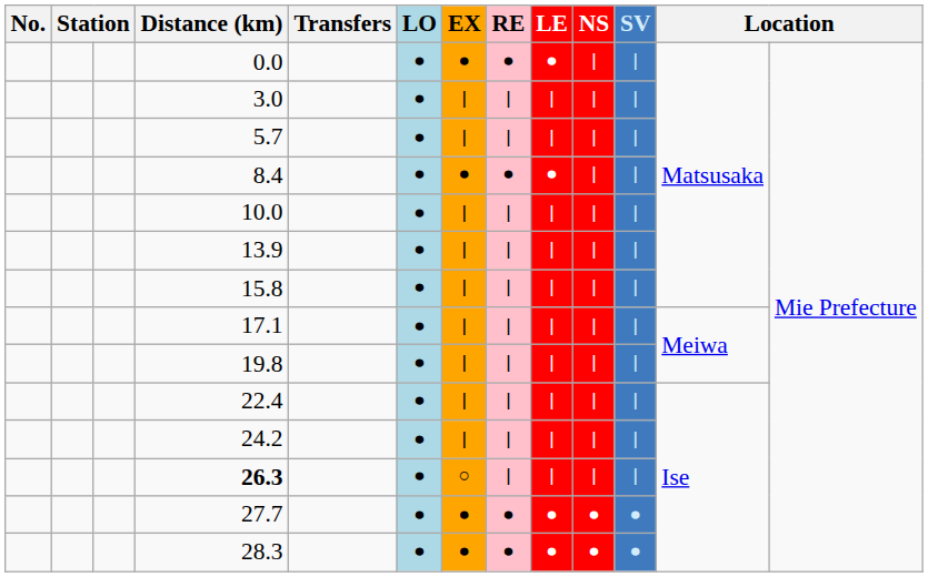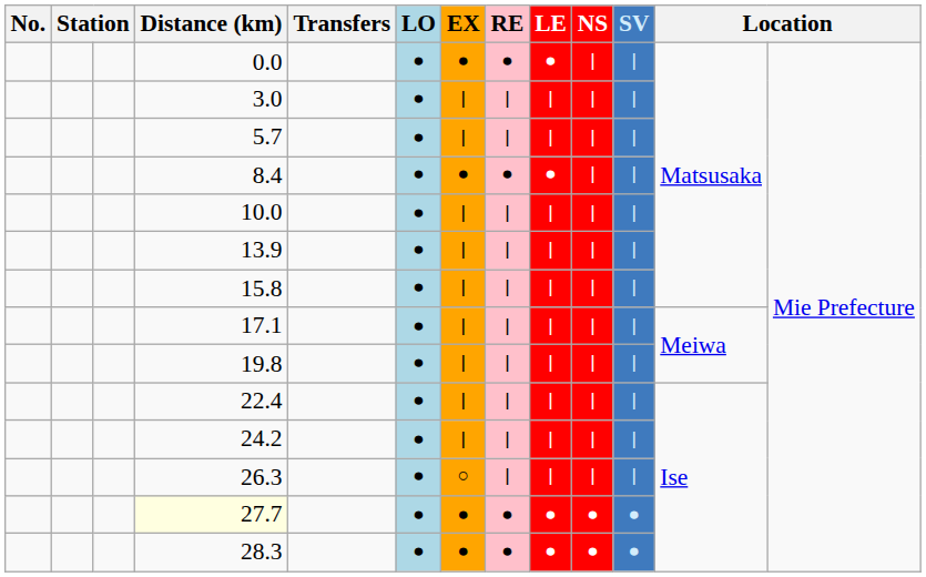 <table class=wikitable>
 <tr>
 <th>No.</th>
 <th colspan="2">Station</th>
 <th>Distance (km)</th>
 <th>Transfers</th>
 <th style="background:lightblue; color:black;">LO</th>
 <th style="background:orange; color:black;">EX</th>
 <th style="background:pink; color:black;">RE</th>
 <th style="background:red; color:white;">LE</th>
 <th style="background:red; color:white;">NS</th>
 <th style="background:#3f7abe; color: #d2ecfb;">SV</th>
 <th colspan="2">Location</th>
 </tr>
 <tr>
 <td></td>
 <td></td>
 <td></td>
 <td style="text-align:right;">0.0</td>
 <td></td>
 <td style="text-align:center; font-family:monospace; background:lightblue; color:black;">●</td>
 <td style="text-align:center; font-family:monospace; background:orange; color:black;">●</td>
 <td style="text-align:center; font-family:monospace; background:pink; color:black;">●</td>
 <td style="text-align:center; font-family:monospace; background:red; color:white;">●</td>
 <td style="text-align:center; font-family:monospace; background:red; color:white;">|</td>
 <td style="text-align:center; font-family:monospace; background:#3f7abe; color: #d2ecfb;">|</td>
 <td rowspan="7"><a href='#'>Matsusaka</a></td>
 <td rowspan="14"><a href='#'>Mie Prefecture</a></td>
 </tr>
 <tr>
 <td></td>
 <td></td>
 <td></td>
 <td style="text-align:right;">3.0</td>
 <td></td>
 <td style="text-align:center; font-family:monospace; background:lightblue; color:black;">●</td>
 <td style="text-align:center; font-family:monospace; background:orange; color:black;">|</td>
 <td style="text-align:center; font-family:monospace; background:pink; color:black;">|</td>
 <td style="text-align:center; font-family:monospace; background:red; color:white;">|</td>
 <td style="text-align:center; font-family:monospace; background:red; color:white;">|</td>
 <td style="text-align:center; font-family:monospace; background:#3f7abe; color: #d2ecfb;">|</td>
 </tr>
 <tr>
 <td></td>
 <td></td>
 <td></td>
 <td style="text-align:right;">5.7</td>
 <td></td>
 <td style="text-align:center; font-family:monospace; background:lightblue; color:black;">●</td>
 <td style="text-align:center; font-family:monospace; background:orange; color:black;">|</td>
 <td style="text-align:center; font-family:monospace; background:pink; color:black;">|</td>
 <td style="text-align:center; font-family:monospace; background:red; color:white;">|</td>
 <td style="text-align:center; font-family:monospace; background:red; color:white;">|</td>
 <td style="text-align:center; font-family:monospace; background:#3f7abe; color: #d2ecfb;">|</td>
 </tr>
 <tr>
 <td></td>
 <td></td>
 <td></td>
 <td style="text-align:right;">8.4</td>
 <td></td>
 <td style="text-align:center; font-family:monospace; background:lightblue; color:black;">●</td>
 <td style="text-align:center; font-family:monospace; background:orange; color:black;">●</td>
 <td style="text-align:center; font-family:monospace; background:pink; color:black;">●</td>
 <td style="text-align:center; font-family:monospace; background:red; color:white;">●</td>
 <td style="text-align:center; font-family:monospace; background:red; color:white;">|</td>
 <td style="text-align:center; font-family:monospace; background:#3f7abe; color: #d2ecfb;">|</td>
 </tr>
 <tr>
 <td></td>
 <td></td>
 <td></td>
 <td style="text-align:right;">10.0</td>
 <td></td>
 <td style="text-align:center; font-family:monospace; background:lightblue; color:black;">●</td>
 <td style="text-align:center; font-family:monospace; background:orange; color:black;">|</td>
 <td style="text-align:center; font-family:monospace; background:pink; color:black;">|</td>
 <td style="text-align:center; font-family:monospace; background:red; color:white;">|</td>
 <td style="text-align:center; font-family:monospace; background:red; color:white;">|</td>
 <td style="text-align:center; font-family:monospace; background:#3f7abe; color: #d2ecfb;">|</td>
 </tr>
 <tr>
 <td></td>
 <td></td>
 <td></td>
 <td style="text-align:right;">13.9</td>
 <td></td>
 <td style="text-align:center; font-family:monospace; background:lightblue; color:black;">●</td>
 <td style="text-align:center; font-family:monospace; background:orange; color:black;">|</td>
 <td style="text-align:center; font-family:monospace; background:pink; color:black;">|</td>
 <td style="text-align:center; font-family:monospace; background:red; color:white;">|</td>
 <td style="text-align:center; font-family:monospace; background:red; color:white;">|</td>
 <td style="text-align:center; font-family:monospace; background:#3f7abe; color: #d2ecfb;">|</td>
 </tr>
 <tr>
 <td></td>
 <td></td>
 <td></td>
 <td style="text-align:right;">15.8</td>
 <td></td>
 <td style="text-align:center; font-family:monospace; background:lightblue; color:black;">●</td>
 <td style="text-align:center; font-family:monospace; background:orange; color:black;">|</td>
 <td style="text-align:center; font-family:monospace; background:pink; color:black;">|</td>
 <td style="text-align:center; font-family:monospace; background:red; color:white;">|</td>
 <td style="text-align:center; font-family:monospace; background:red; color:white;">|</td>
 <td style="text-align:center; font-family:monospace; background:#3f7abe; color: #d2ecfb;">|</td>
 </tr>
 <tr>
 <td></td>
 <td></td>
 <td></td>
 <td style="text-align:right;">17.1</td>
 <td></td>
 <td style="text-align:center; font-family:monospace; background:lightblue; color:black;">●</td>
 <td style="text-align:center; font-family:monospace; background:orange; color:black;">|</td>
 <td style="text-align:center; font-family:monospace; background:pink; color:black;">|</td>
 <td style="text-align:center; font-family:monospace; background:red; color:white;">|</td>
 <td style="text-align:center; font-family:monospace; background:red; color:white;">|</td>
 <td style="text-align:center; font-family:monospace; background:#3f7abe; color: #d2ecfb;">|</td>
 <td rowspan="2"><a href='#'>Meiwa</a></td>
 </tr>
 <tr>
 <td></td>
 <td></td>
 <td></td>
 <td style="text-align:right;">19.8</td>
 <td></td>
 <td style="text-align:center; font-family:monospace; background:lightblue; color:black;">●</td>
 <td style="text-align:center; font-family:monospace; background:orange; color:black;">|</td>
 <td style="text-align:center; font-family:monospace; background:pink; color:black;">|</td>
 <td style="text-align:center; font-family:monospace; background:red; color:white;">|</td>
 <td style="text-align:center; font-family:monospace; background:red; color:white;">|</td>
 <td style="text-align:center; font-family:monospace; background:#3f7abe; color: #d2ecfb;">|</td>
 </tr>
 <tr>
 <td></td>
 <td></td>
 <td></td>
 <td style="text-align:right;">22.4</td>
 <td></td>
 <td style="text-align:center; font-family:monospace; background:lightblue; color:black;">●</td>
 <td style="text-align:center; font-family:monospace; background:orange; color:black;">|</td>
 <td style="text-align:center; font-family:monospace; background:pink; color:black;">|</td>
 <td style="text-align:center; font-family:monospace; background:red; color:white;">|</td>
 <td style="text-align:center; font-family:monospace; background:red; color:white;">|</td>
 <td style="text-align:center; font-family:monospace; background:#3f7abe; color: #d2ecfb;">|</td>
 <td rowspan="5"><a href='#'>Ise</a></td>
 </tr>
 <tr>
 <td></td>
 <td></td>
 <td></td>
 <td style="text-align:right;">24.2</td>
 <td></td>
 <td style="text-align:center; font-family:monospace; background:lightblue; color:black;">●</td>
 <td style="text-align:center; font-family:monospace; background:orange; color:black;">|</td>
 <td style="text-align:center; font-family:monospace; background:pink; color:black;">|</td>
 <td style="text-align:center; font-family:monospace; background:red; color:white;">|</td>
 <td style="text-align:center; font-family:monospace; background:red; color:white;">|</td>
 <td style="text-align:center; font-family:monospace; background:#3f7abe; color: #d2ecfb;">|</td>
 </tr>
 <tr>
 <td></td>
 <td></td>
 <td></td>
-<td style="text-align:right;"><strong>26.3</strong></td>
+<td style="text-align:right;">26.3</td>
 <td></td>
 <td style="text-align:center; font-family:monospace; background:lightblue; color:black;">●</td>
 <td style="text-align:center; font-family:monospace; background:orange; color:black;">○</td>
 <td style="text-align:center; font-family:monospace; background:pink; color:black;">|</td>
 <td style="text-align:center; font-family:monospace; background:red; color:white;">|</td>
 <td style="text-align:center; font-family:monospace; background:red; color:white;">|</td>
 <td style="text-align:center; font-family:monospace; background:#3f7abe; color: #d2ecfb;">|</td>
 </tr>
 <tr>
 <td></td>
 <td></td>
 <td></td>
-<td style="text-align:right;">27.7</td>
+<td style="background: lightyellow; text-align:right;">27.7</td>
 <td></td>
 <td style="text-align:center; font-family:monospace; background:lightblue; color:black;">●</td>
 <td style="text-align:center; font-family:monospace; background:orange; color:black;">●</td>
 <td style="text-align:center; font-family:monospace; background:pink; color:black;">●</td>
 <td style="text-align:center; font-family:monospace; background:red; color:white;">●</td>
 <td style="text-align:center; font-family:monospace; background:red; color:white;">●</td>
 <td style="text-align:center; font-family:monospace; background:#3f7abe; color: #d2ecfb;">●</td>
 </tr>
 <tr>
 <td></td>
 <td></td>
 <td></td>
 <td style="text-align:right;">28.3</td>
 <td> </td>
 <td style="text-align:center; font-family:monospace; background:lightblue; color:black;">●</td>
 <td style="text-align:center; font-family:monospace; background:orange; color:black;">●</td>
 <td style="text-align:center; font-family:monospace; background:pink; color:black;">●</td>
 <td style="text-align:center; font-family:monospace; background:red; color:white;">●</td>
 <td style="text-align:center; font-family:monospace; background:red; color:white;">●</td>
 <td style="text-align:center; font-family:monospace; background:#3f7abe; color: #d2ecfb;">●</td>
 </tr>
 </table>
